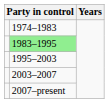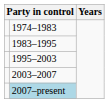 <table class="wikitable">
 <tr>
 <th colspan=2>Party in control</th>
 <th>Years</th>
 </tr>
 <tr>
 <td></td>
 <td>1974–1983</td>
 </tr>
 <tr>
 <td></td>
-<td style="background: lightgreen;">1983–1995</td>
+<td>1983–1995</td>
 </tr>
 <tr>
 <td></td>
 <td>1995–2003</td>
 </tr>
 <tr>
 <td></td>
 <td>2003–2007</td>
 </tr>
 <tr>
 <td></td>
-<td>2007–present</td>
+<td style="background: lightblue;">2007–present</td>
 </tr>
 </table>
